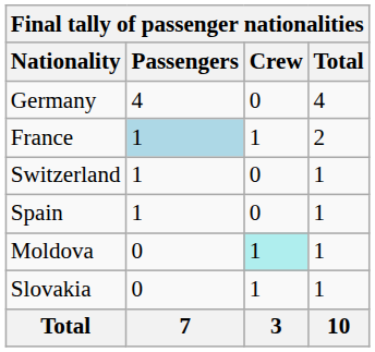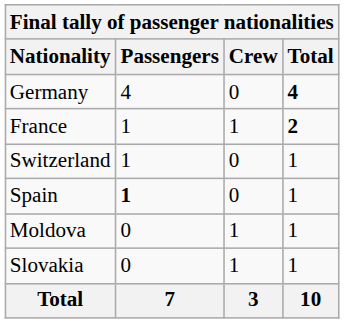 <table class="sortable wikitable" style="font-size:85%; margin:0 0 0.5em 1em; float:center;">
 <tr>
 <th colspan=4>Final tally of passenger nationalities</th>
 </tr>
 <tr>
 <th>Nationality</th>
 <th>Passengers</th>
 <th>Crew</th>
 <th>Total</th>
 </tr>
 <tr>
 <td>Germany</td>
 <td>4</td>
 <td>0</td>
-<td>4</td>
+<td><strong>4</strong></td>
 </tr>
 <tr>
 <td>France</td>
-<td style="background: lightblue;">1</td>
 <td>1</td>
-<td>2</td>
+<td>1</td>
+<td><strong>2</strong></td>
 </tr>
 <tr>
 <td>Switzerland</td>
 <td>1</td>
 <td>0</td>
 <td>1</td>
 </tr>
 <tr>
 <td>Spain</td>
-<td>1</td>
+<td><strong>1</strong></td>
 <td>0</td>
 <td>1</td>
 </tr>
 <tr>
 <td>Moldova</td>
 <td>0</td>
-<td style="background: paleturquoise;">1</td>
+<td>1</td>
 <td>1</td>
 </tr>
 <tr>
 <td>Slovakia</td>
 <td>0</td>
 <td>1</td>
 <td>1</td>
 </tr>
 <tr>
 <th><strong>Total</strong></th>
 <th><strong>7</strong></th>
 <th><strong>3</strong></th>
 <th><strong>10</strong></th>
 </tr>
 </table>
